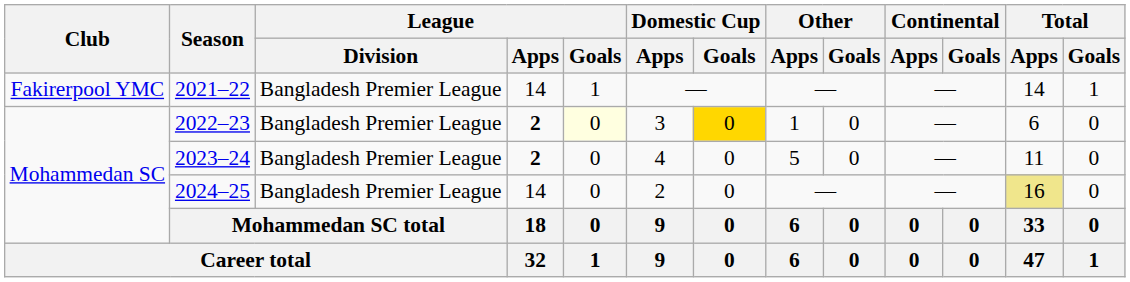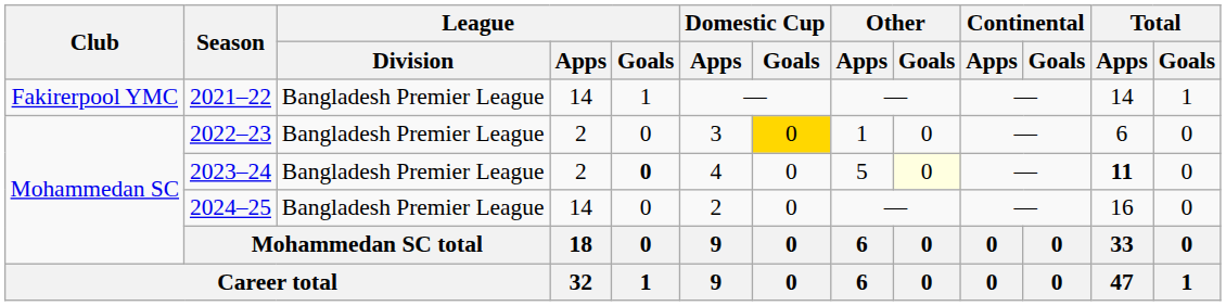 <table class="wikitable" style="text-align:center">
 <tr>
 <th rowspan="2">Club</th>
 <th rowspan="2">Season</th>
 <th colspan="3">League</th>
 <th colspan="2">Domestic Cup</th>
 <th colspan="2">Other</th>
 <th colspan="2">Continental</th>
 <th colspan="2">Total</th>
 </tr>
 <tr>
 <th>Division</th>
 <th>Apps</th>
 <th>Goals</th>
 <th>Apps</th>
 <th>Goals</th>
 <th>Apps</th>
 <th>Goals</th>
 <th>Apps</th>
 <th>Goals</th>
 <th>Apps</th>
 <th>Goals</th>
 </tr>
 <tr>
 <td><a href='#'>Fakirerpool YMC</a></td>
 <td><a href='#'>2021–22</a></td>
 <td>Bangladesh Premier League</td>
 <td>14</td>
 <td>1</td>
 <td colspan="2">—</td>
 <td colspan="2">—</td>
 <td colspan="2">—</td>
 <td>14</td>
 <td>1</td>
 </tr>
 <tr>
 <td rowspan=4><a href='#'>Mohammedan SC</a></td>
 <td><a href='#'>2022–23</a></td>
 <td>Bangladesh Premier League</td>
-<td><strong>2</strong></td>
-<td style="background: lightyellow;">0</td>
+<td>2</td>
+<td>0</td>
 <td>3</td>
 <td style="background: gold;">0</td>
 <td>1</td>
 <td>0</td>
 <td colspan="2">—</td>
 <td>6</td>
 <td>0</td>
 </tr>
 <tr>
 <td><a href='#'>2023–24</a></td>
 <td>Bangladesh Premier League</td>
-<td><strong>2</strong></td>
-<td>0</td>
+<td>2</td>
+<td><strong>0</strong></td>
 <td>4</td>
 <td>0</td>
 <td>5</td>
-<td>0</td>
+<td style="background: lightyellow;">0</td>
 <td colspan="2">—</td>
-<td>11</td>
+<td><strong>11</strong></td>
 <td>0</td>
 </tr>
 <tr>
 <td><a href='#'>2024–25</a></td>
 <td>Bangladesh Premier League</td>
 <td>14</td>
 <td>0</td>
 <td>2</td>
 <td>0</td>
 <td colspan="2">—</td>
 <td colspan="2">—</td>
-<td style="background: khaki;">16</td>
+<td>16</td>
 <td>0</td>
 </tr>
 <tr>
 <th colspan="2">Mohammedan SC total</th>
 <th>18</th>
 <th>0</th>
 <th>9</th>
 <th>0</th>
 <th>6</th>
 <th>0</th>
 <th>0</th>
 <th>0</th>
 <th>33</th>
 <th>0</th>
 </tr>
 <tr>
 <th colspan="3">Career total</th>
 <th>32</th>
 <th>1</th>
 <th>9</th>
 <th>0</th>
 <th>6</th>
 <th>0</th>
 <th>0</th>
 <th>0</th>
 <th>47</th>
 <th>1</th>
 </tr>
 </table>
